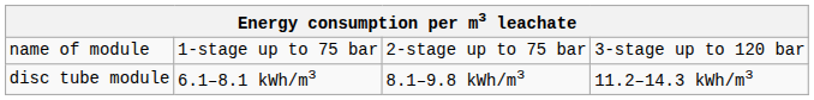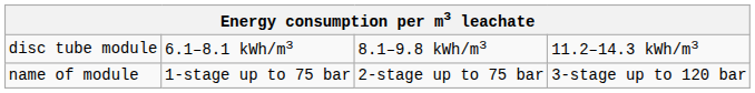 <table class="wikitable">
 <tr>
 <th colspan="4">Energy consumption per m<sup>3</sup> leachate</th>
+</tr>
+<tr>
+<td>disc tube module</td>
+<td>6.1–8.1 kWh/m<sup>3</sup></td>
+<td>8.1–9.8 kWh/m<sup>3</sup></td>
+<td>11.2–14.3 kWh/m<sup>3</sup></td>
 </tr>
 <tr>
 <td>name of module</td>
 <td>1-stage up to 75 bar</td>
 <td>2-stage up to 75 bar</td>
 <td>3-stage up to 120 bar</td>
 </tr>
-<tr>
-<td>disc tube module</td>
-<td>6.1–8.1 kWh/m<sup>3</sup></td>
-<td>8.1–9.8 kWh/m<sup>3</sup></td>
-<td>11.2–14.3 kWh/m<sup>3</sup></td>
-</tr>
 </table>
